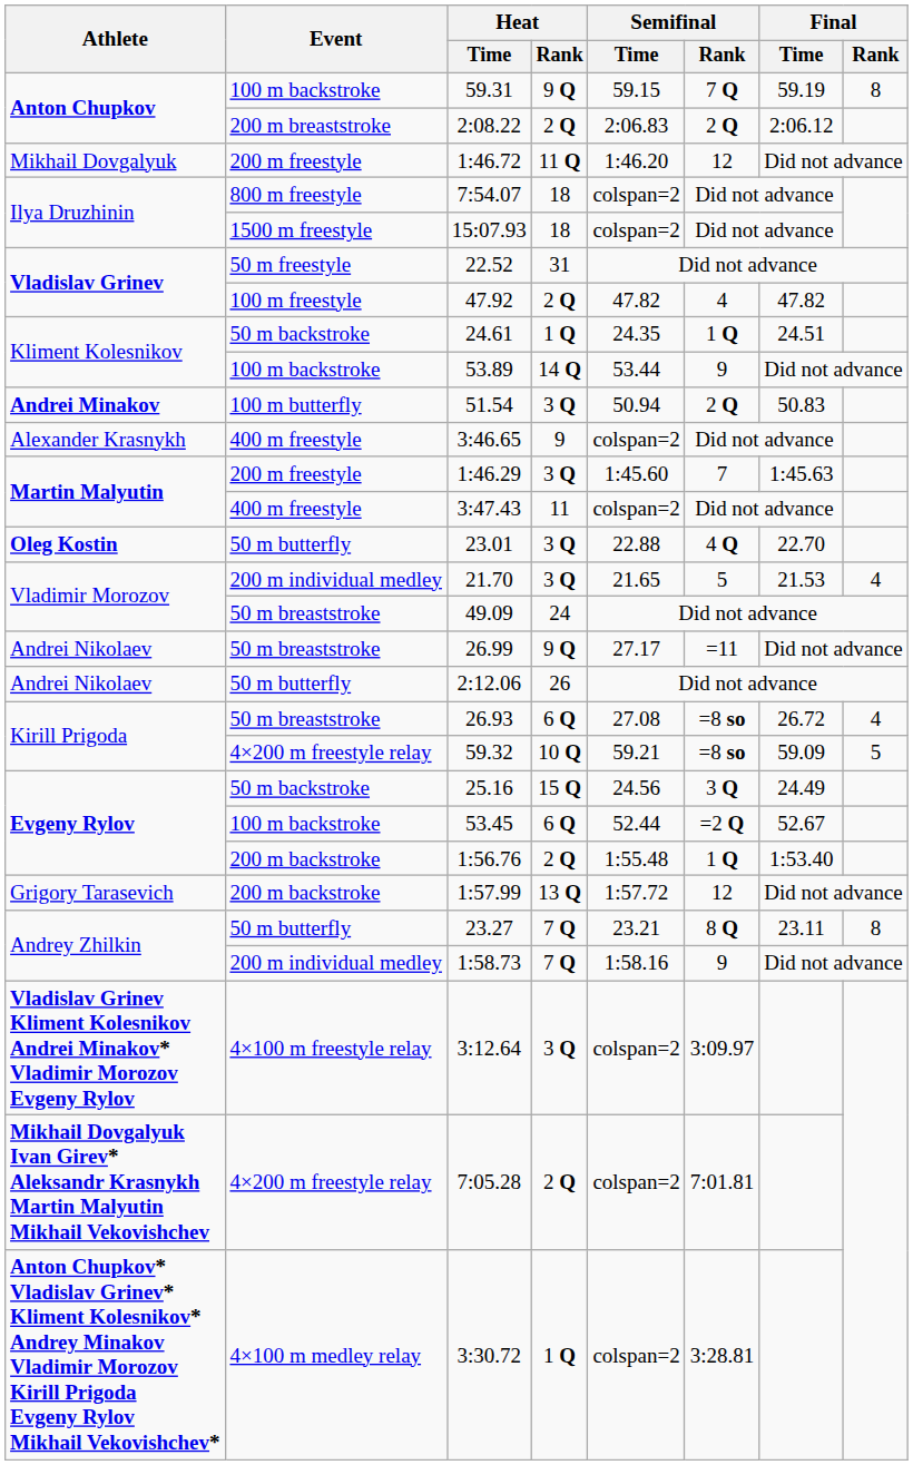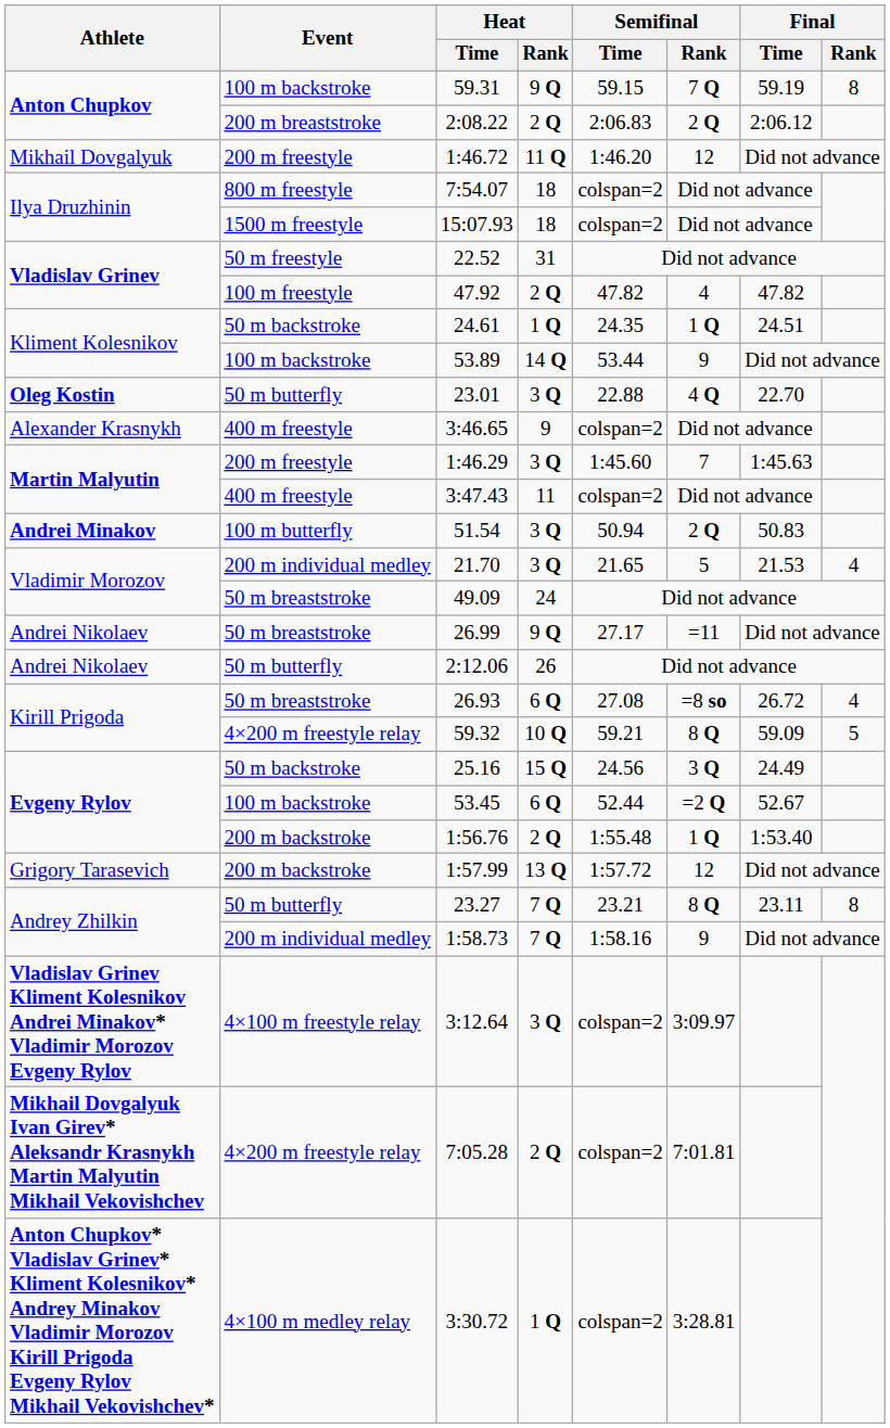 <table class="wikitable" style="text-align:center; font-size:90%">
 <tr>
 <th rowspan=2>Athlete</th>
 <th rowspan=2>Event</th>
 <th colspan=2>Heat</th>
 <th colspan=2>Semifinal</th>
 <th colspan=2>Final</th>
 </tr>
 <tr style="font-size:95%">
 <th>Time</th>
 <th>Rank</th>
 <th>Time</th>
 <th>Rank</th>
 <th>Time</th>
 <th>Rank</th>
 </tr>
 <tr>
 <td rowspan=2 align=left><strong><a href='#'>Anton Chupkov</a></strong></td>
 <td align=left><a href='#'>100 m backstroke</a></td>
 <td>59.31</td>
 <td>9 <strong>Q</strong></td>
 <td>59.15</td>
 <td>7 <strong>Q</strong></td>
 <td>59.19</td>
 <td>8</td>
 </tr>
 <tr>
 <td align=left><a href='#'>200 m breaststroke</a></td>
 <td>2:08.22</td>
 <td>2 <strong>Q</strong></td>
 <td>2:06.83</td>
 <td>2 <strong>Q</strong></td>
 <td>2:06.12</td>
 <td></td>
 </tr>
 <tr>
 <td align=left><a href='#'>Mikhail Dovgalyuk</a></td>
 <td align=left><a href='#'>200 m freestyle</a></td>
 <td>1:46.72</td>
 <td>11 <strong>Q</strong></td>
 <td>1:46.20</td>
 <td>12</td>
 <td colspan=2>Did not advance</td>
 </tr>
 <tr>
 <td rowspan=2 align=left><a href='#'>Ilya Druzhinin</a></td>
 <td align=left><a href='#'>800 m freestyle</a></td>
 <td>7:54.07</td>
 <td>18</td>
 <td>colspan=2 </td>
 <td colspan=2>Did not advance</td>
 </tr>
 <tr>
 <td align=left><a href='#'>1500 m freestyle</a></td>
 <td>15:07.93</td>
 <td>18</td>
 <td>colspan=2 </td>
 <td colspan=2>Did not advance</td>
 </tr>
 <tr>
 <td rowspan=2 align=left><strong><a href='#'>Vladislav Grinev</a></strong></td>
 <td align=left><a href='#'>50 m freestyle</a></td>
 <td>22.52</td>
 <td>31</td>
 <td colspan=4>Did not advance</td>
 </tr>
 <tr>
 <td align=left><a href='#'>100 m freestyle</a></td>
 <td>47.92</td>
 <td>2 <strong>Q</strong></td>
 <td>47.82</td>
 <td>4</td>
 <td>47.82</td>
 <td></td>
 </tr>
 <tr>
 <td rowspan=2 align=left><a href='#'>Kliment Kolesnikov</a></td>
 <td align=left><a href='#'>50 m backstroke</a></td>
 <td>24.61</td>
 <td>1 <strong>Q</strong></td>
 <td>24.35</td>
 <td>1 <strong>Q</strong></td>
 <td>24.51</td>
 <td></td>
 </tr>
 <tr>
 <td align=left><a href='#'>100 m backstroke</a></td>
 <td>53.89</td>
 <td>14 <strong>Q</strong></td>
 <td>53.44</td>
 <td>9</td>
 <td colspan=2>Did not advance</td>
 </tr>
 <tr>
-<td align=left><strong><a href='#'>Andrei Minakov</a></strong></td>
-<td align=left><a href='#'>100 m butterfly</a></td>
-<td>51.54</td>
+<td align=left><strong><a href='#'>Oleg Kostin</a></strong></td>
+<td align=left><a href='#'>50 m butterfly</a></td>
+<td>23.01</td>
 <td>3 <strong>Q</strong></td>
-<td>50.94</td>
-<td>2 <strong>Q</strong></td>
-<td>50.83</td>
+<td>22.88</td>
+<td>4 <strong>Q</strong></td>
+<td>22.70</td>
 <td></td>
 </tr>
 <tr>
 <td align=left><a href='#'>Alexander Krasnykh</a></td>
 <td align=left><a href='#'>400 m freestyle</a></td>
 <td>3:46.65</td>
 <td>9</td>
 <td>colspan=2 </td>
 <td colspan=2>Did not advance</td>
 </tr>
 <tr>
 <td rowspan=2 align=left><strong><a href='#'>Martin Malyutin</a></strong></td>
 <td align=left><a href='#'>200 m freestyle</a></td>
 <td>1:46.29</td>
 <td>3 <strong>Q</strong></td>
 <td>1:45.60</td>
 <td>7</td>
 <td>1:45.63</td>
 <td></td>
 </tr>
 <tr>
 <td align=left><a href='#'>400 m freestyle</a></td>
 <td>3:47.43</td>
 <td>11</td>
 <td>colspan=2 </td>
 <td colspan=2>Did not advance</td>
 </tr>
 <tr>
-<td align=left><strong><a href='#'>Oleg Kostin</a></strong></td>
-<td align=left><a href='#'>50 m butterfly</a></td>
-<td>23.01</td>
+<td align=left><strong><a href='#'>Andrei Minakov</a></strong></td>
+<td align=left><a href='#'>100 m butterfly</a></td>
+<td>51.54</td>
 <td>3 <strong>Q</strong></td>
-<td>22.88</td>
-<td>4 <strong>Q</strong></td>
-<td>22.70</td>
+<td>50.94</td>
+<td>2 <strong>Q</strong></td>
+<td>50.83</td>
 <td></td>
 </tr>
 <tr>
 <td rowspan=2 align=left><a href='#'>Vladimir Morozov</a></td>
 <td align=left><a href='#'>200 m individual medley</a></td>
 <td>21.70</td>
 <td>3 <strong>Q</strong></td>
 <td>21.65</td>
 <td>5</td>
 <td>21.53</td>
 <td>4</td>
 </tr>
 <tr>
 <td align=left><a href='#'>50 m breaststroke</a></td>
 <td>49.09</td>
 <td>24</td>
 <td colspan=4>Did not advance</td>
 </tr>
 <tr>
 <td align=left><a href='#'>Andrei Nikolaev</a></td>
 <td align=left><a href='#'>50 m breaststroke</a></td>
 <td>26.99</td>
 <td>9 <strong>Q</strong></td>
 <td>27.17</td>
 <td>=11</td>
 <td colspan=2>Did not advance</td>
 </tr>
 <tr>
 <td align=left><a href='#'>Andrei Nikolaev</a></td>
 <td align=left><a href='#'>50 m butterfly</a></td>
 <td>2:12.06</td>
 <td>26</td>
 <td colspan=4>Did not advance</td>
 </tr>
 <tr>
 <td rowspan=2 align=left><a href='#'>Kirill Prigoda</a></td>
 <td align=left><a href='#'>50 m breaststroke</a></td>
 <td>26.93</td>
 <td>6 <strong>Q</strong></td>
 <td>27.08</td>
 <td>=8 <strong>so</strong></td>
 <td>26.72</td>
 <td>4</td>
 </tr>
 <tr>
 <td align=left><a href='#'>4×200 m freestyle relay</a></td>
 <td>59.32</td>
 <td>10 <strong>Q</strong></td>
 <td>59.21</td>
-<td>=8 <strong>so</strong></td>
+<td>8 <strong>Q</strong></td>
 <td>59.09</td>
 <td>5</td>
 </tr>
 <tr>
 <td rowspan=3 align=left><strong><a href='#'>Evgeny Rylov</a></strong></td>
 <td align=left><a href='#'>50 m backstroke</a></td>
 <td>25.16</td>
 <td>15 <strong>Q</strong></td>
 <td>24.56</td>
 <td>3 <strong>Q</strong></td>
 <td>24.49</td>
 <td></td>
 </tr>
 <tr>
 <td align=left><a href='#'>100 m backstroke</a></td>
 <td>53.45</td>
 <td>6 <strong>Q</strong></td>
 <td>52.44</td>
 <td>=2 <strong>Q</strong></td>
 <td>52.67</td>
 <td></td>
 </tr>
 <tr>
 <td align=left><a href='#'>200 m backstroke</a></td>
 <td>1:56.76</td>
 <td>2 <strong>Q</strong></td>
 <td>1:55.48</td>
 <td>1 <strong>Q</strong></td>
 <td>1:53.40</td>
 <td></td>
 </tr>
 <tr>
 <td align=left><a href='#'>Grigory Tarasevich</a></td>
 <td align=left><a href='#'>200 m backstroke</a></td>
 <td>1:57.99</td>
 <td>13 <strong>Q</strong></td>
 <td>1:57.72</td>
 <td>12</td>
 <td colspan=2>Did not advance</td>
 </tr>
 <tr>
 <td rowspan=2 align=left><a href='#'>Andrey Zhilkin</a></td>
 <td align=left><a href='#'>50 m butterfly</a></td>
 <td>23.27</td>
 <td>7 <strong>Q</strong></td>
 <td>23.21</td>
 <td>8 <strong>Q</strong></td>
 <td>23.11</td>
 <td>8</td>
 </tr>
 <tr>
 <td align=left><a href='#'>200 m individual medley</a></td>
 <td>1:58.73</td>
 <td>7 <strong>Q</strong></td>
 <td>1:58.16</td>
 <td>9</td>
 <td colspan=2>Did not advance</td>
 </tr>
 <tr>
 <td align=left><strong><a href='#'>Vladislav Grinev</a><br><a href='#'>Kliment Kolesnikov</a><br><a href='#'>Andrei Minakov</a>*<br><a href='#'>Vladimir Morozov</a><br><a href='#'>Evgeny Rylov</a></strong></td>
 <td align=left><a href='#'>4×100 m freestyle relay</a></td>
 <td>3:12.64</td>
 <td>3 <strong>Q</strong></td>
 <td>colspan=2 </td>
 <td>3:09.97</td>
 <td></td>
 </tr>
 <tr>
 <td align=left><strong><a href='#'>Mikhail Dovgalyuk</a><br><a href='#'>Ivan Girev</a>*<br><a href='#'>Aleksandr Krasnykh</a><br><a href='#'>Martin Malyutin</a><br><a href='#'>Mikhail Vekovishchev</a></strong></td>
 <td align=left><a href='#'>4×200 m freestyle relay</a></td>
 <td>7:05.28</td>
 <td>2 <strong>Q</strong></td>
 <td>colspan=2 </td>
 <td>7:01.81</td>
 <td></td>
 </tr>
 <tr>
 <td align=left><strong><a href='#'>Anton Chupkov</a>*<br><a href='#'>Vladislav Grinev</a>*<br><a href='#'>Kliment Kolesnikov</a>*<br><a href='#'>Andrey Minakov</a> <br><a href='#'>Vladimir Morozov</a><br><a href='#'>Kirill Prigoda</a><br><a href='#'>Evgeny Rylov</a><br><a href='#'>Mikhail Vekovishchev</a>*</strong></td>
 <td align=left><a href='#'>4×100 m medley relay</a></td>
 <td>3:30.72</td>
 <td>1 <strong>Q</strong></td>
 <td>colspan=2 </td>
 <td>3:28.81</td>
 <td></td>
 </tr>
 </table>
